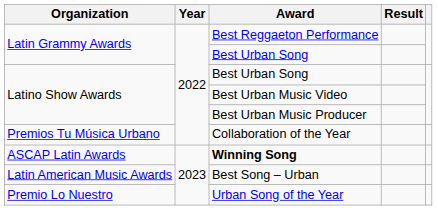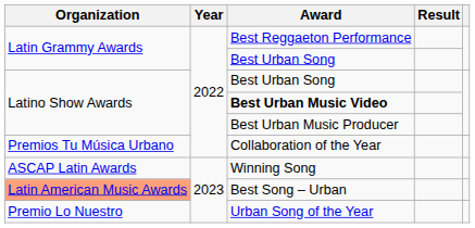 <table class="wikitable sortable plainrowheaders">
 <tr>
 <th scope="col">Organization</th>
 <th scope="col">Year</th>
 <th scope="col">Award</th>
 <th scope="col">Result</th>
 <th class="unsortable"></th>
 </tr>
 <tr>
 <td rowspan="2"><a href='#'>Latin Grammy Awards</a></td>
 <td rowspan=6>2022</td>
 <td><a href='#'>Best Reggaeton Performance</a></td>
 <td></td>
 <td rowspan="2" align="center"></td>
 </tr>
 <tr>
 <td><a href='#'>Best Urban Song</a></td>
 <td></td>
 </tr>
 <tr>
 <td rowspan="3">Latino Show Awards</td>
 <td>Best Urban Song</td>
 <td></td>
 <td rowspan="3" align="center"></td>
 </tr>
 <tr>
-<td>Best Urban Music Video</td>
+<td><strong>Best Urban Music Video</strong></td>
 <td></td>
 </tr>
 <tr>
 <td>Best Urban Music Producer</td>
 <td></td>
 </tr>
 <tr>
 <td><a href='#'>Premios Tu Música Urbano</a></td>
 <td>Collaboration of the Year</td>
 <td></td>
 <td align="center"></td>
 </tr>
 <tr>
 <td><a href='#'>ASCAP Latin Awards</a></td>
 <td rowspan=3>2023</td>
-<td><strong>Winning Song</strong></td>
+<td>Winning Song</td>
 <td></td>
 <td align="center"></td>
 </tr>
 <tr>
-<td><a href='#'>Latin American Music Awards</a></td>
+<td style="background: lightsalmon;"><a href='#'>Latin American Music Awards</a></td>
 <td>Best Song – Urban</td>
 <td></td>
 <td align="center"></td>
 </tr>
 <tr>
 <td><a href='#'>Premio Lo Nuestro</a></td>
 <td><a href='#'>Urban Song of the Year</a></td>
 <td></td>
 <td align="center"></td>
 </tr>
 </table>
